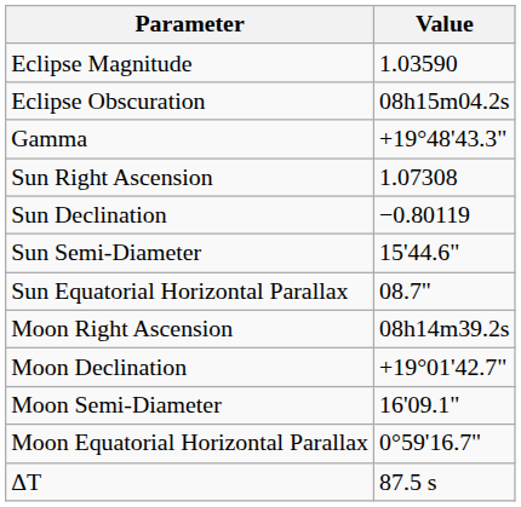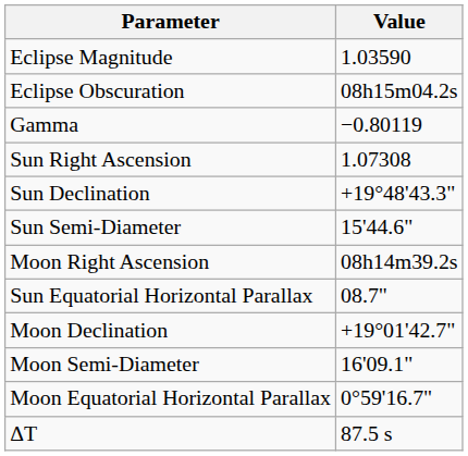 <table class="wikitable">
 <tr>
 <th>Parameter</th>
 <th>Value</th>
 </tr>
 <tr>
 <td>Eclipse Magnitude</td>
 <td>1.03590</td>
 </tr>
 <tr>
 <td>Eclipse Obscuration</td>
 <td>08h15m04.2s</td>
 </tr>
 <tr>
 <td>Gamma</td>
-<td>+19°48'43.3"</td>
+<td>−0.80119</td>
 </tr>
 <tr>
 <td>Sun Right Ascension</td>
 <td>1.07308</td>
 </tr>
 <tr>
 <td>Sun Declination</td>
-<td>−0.80119</td>
+<td>+19°48'43.3"</td>
 </tr>
 <tr>
 <td>Sun Semi-Diameter</td>
 <td>15'44.6"</td>
 </tr>
 <tr>
+<td>Moon Right Ascension</td>
+<td>08h14m39.2s</td>
+</tr>
+<tr>
 <td>Sun Equatorial Horizontal Parallax</td>
 <td>08.7"</td>
-</tr>
-<tr>
-<td>Moon Right Ascension</td>
-<td>08h14m39.2s</td>
 </tr>
 <tr>
 <td>Moon Declination</td>
 <td>+19°01'42.7"</td>
 </tr>
 <tr>
 <td>Moon Semi-Diameter</td>
 <td>16'09.1"</td>
 </tr>
 <tr>
 <td>Moon Equatorial Horizontal Parallax</td>
 <td>0°59'16.7"</td>
 </tr>
 <tr>
 <td>ΔT</td>
 <td>87.5 s</td>
 </tr>
 </table>
